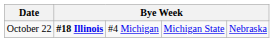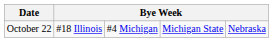 <table class="wikitable" style="font-size:95%;">
 <tr>
 <th>Date</th>
 <th colspan="4">Bye Week</th>
 </tr>
 <tr>
 <td>October 22</td>
-<td><strong>#18 <a href='#'>Illinois</a></strong></td>
+<td>#18 <a href='#'>Illinois</a></td>
 <td>#4 <a href='#'>Michigan</a></td>
 <td><a href='#'>Michigan State</a></td>
 <td><a href='#'>Nebraska</a></td>
 </tr>
 </table>
